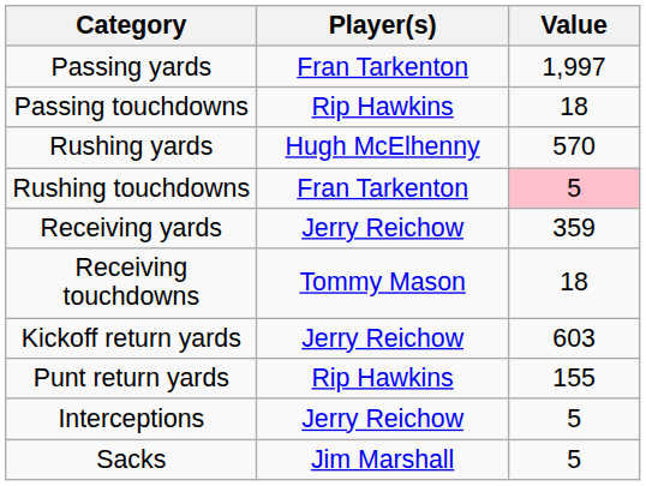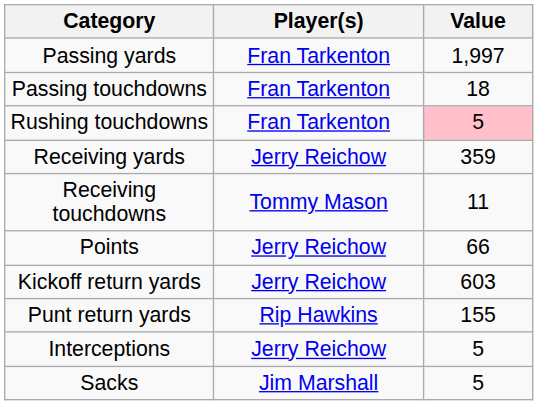 <table class="wikitable" style="text-align:center">
 <tr>
 <th width=150>Category</th>
 <th width=150>Player(s)</th>
 <th width=75>Value</th>
 </tr>
 <tr>
 <td>Passing yards</td>
 <td><a href='#'>Fran Tarkenton</a></td>
 <td>1,997</td>
 </tr>
 <tr>
 <td>Passing touchdowns</td>
-<td><a href='#'>Rip Hawkins</a></td>
+<td><a href='#'>Fran Tarkenton</a></td>
 <td>18</td>
-</tr>
-<tr>
-<td>Rushing yards</td>
-<td><a href='#'>Hugh McElhenny</a></td>
-<td>570</td>
 </tr>
 <tr>
 <td>Rushing touchdowns</td>
 <td><a href='#'>Fran Tarkenton</a></td>
 <td style="background: pink;">5</td>
 </tr>
 <tr>
 <td>Receiving yards</td>
 <td><a href='#'>Jerry Reichow</a></td>
 <td>359</td>
 </tr>
 <tr>
 <td>Receiving touchdowns</td>
 <td><a href='#'>Tommy Mason</a></td>
-<td>18</td>
+<td>11</td>
+</tr>
+<tr>
+<td>Points</td>
+<td><a href='#'>Jerry Reichow</a></td>
+<td>66</td>
 </tr>
 <tr>
 <td>Kickoff return yards</td>
 <td><a href='#'>Jerry Reichow</a></td>
 <td>603</td>
 </tr>
 <tr>
 <td>Punt return yards</td>
 <td><a href='#'>Rip Hawkins</a></td>
 <td>155</td>
 </tr>
 <tr>
 <td>Interceptions</td>
 <td><a href='#'>Jerry Reichow</a></td>
 <td>5</td>
 </tr>
 <tr>
 <td>Sacks</td>
 <td><a href='#'>Jim Marshall</a></td>
 <td>5</td>
 </tr>
 </table>
